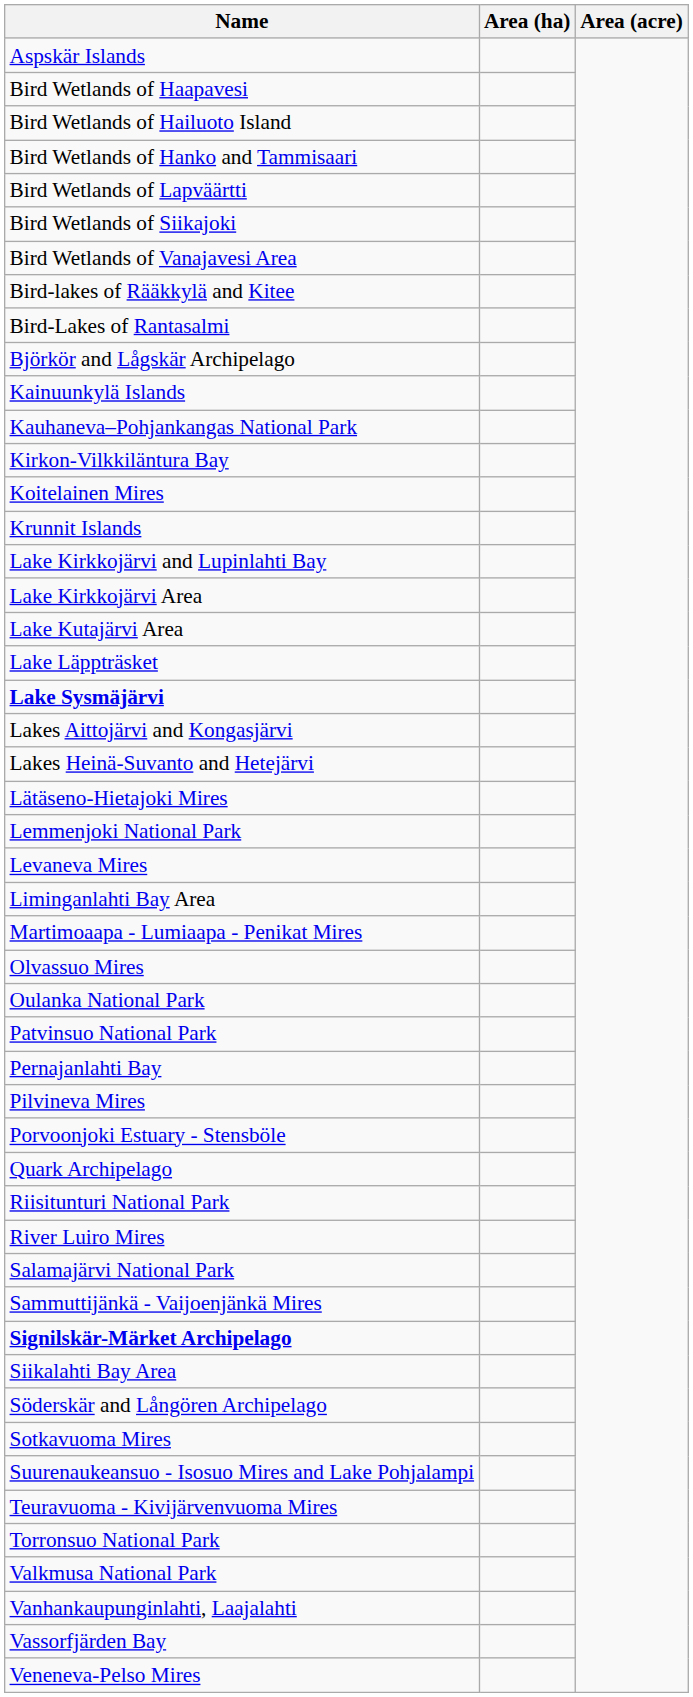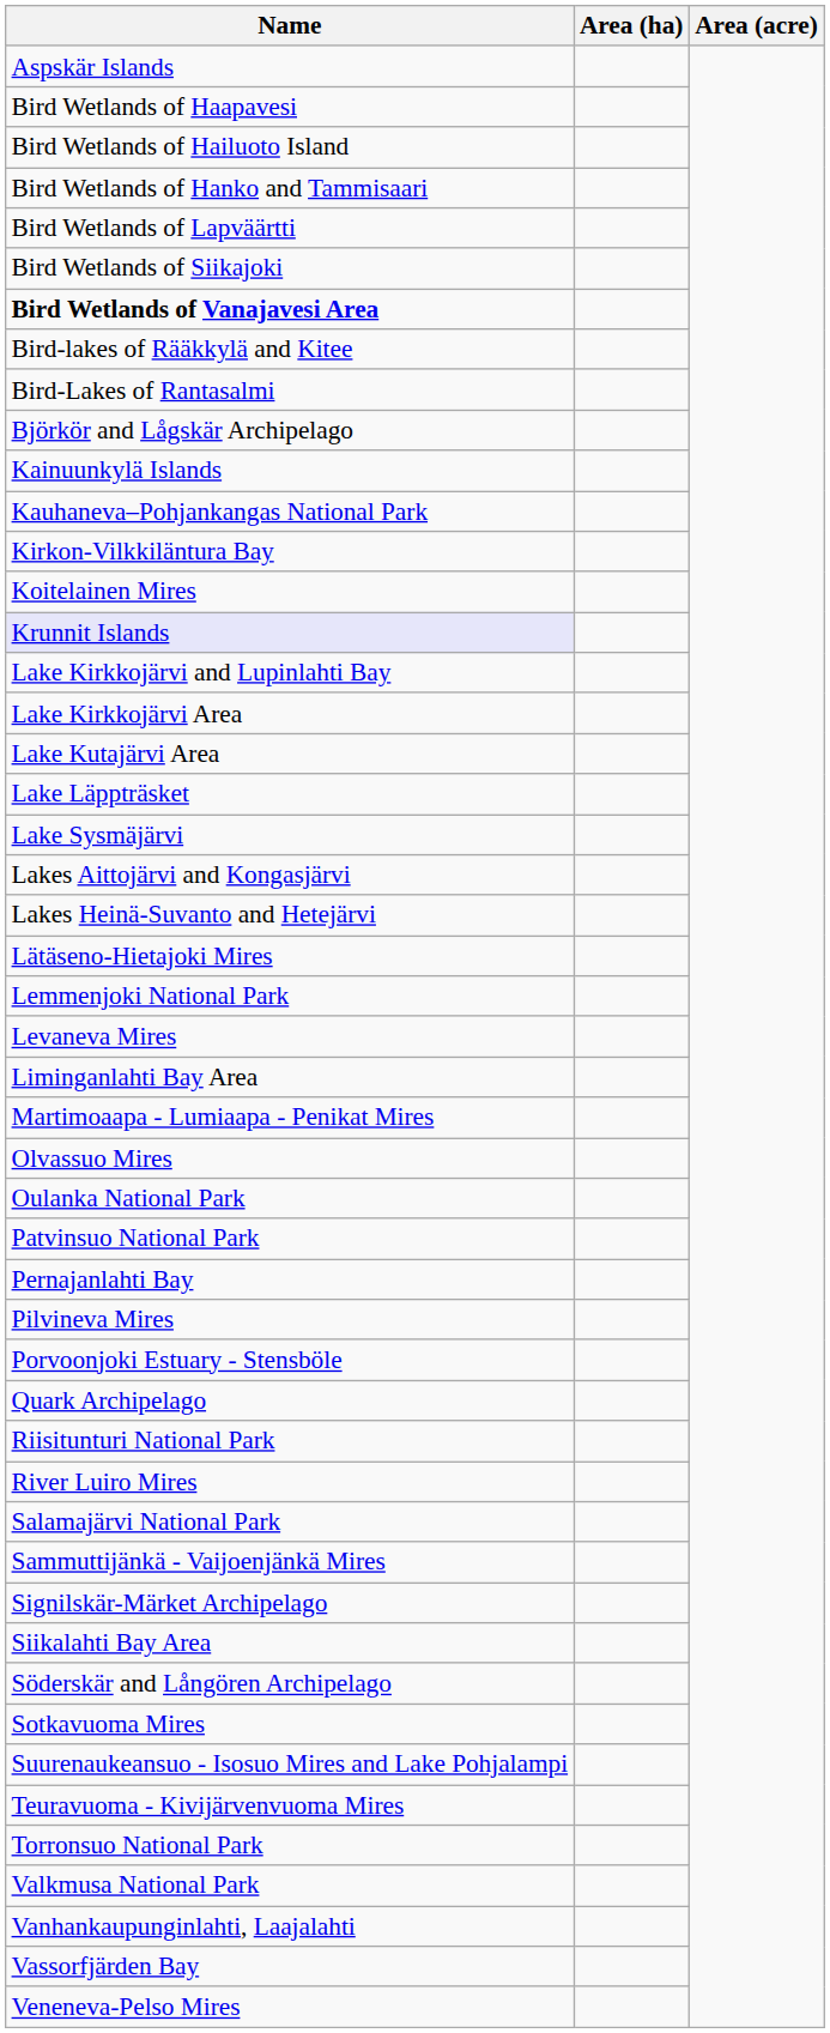 <table class="wikitable">
 <tr>
 <th scope="col" align=left>Name</th>
 <th scope="col">Area (ha)</th>
 <th scope="col">Area (acre)</th>
 </tr>
 <tr ---->
 <td><a href='#'>Aspskär Islands</a></td>
 <td></td>
 </tr>
 <tr ---->
 <td>Bird Wetlands of <a href='#'>Haapavesi</a></td>
 <td></td>
 </tr>
 <tr ---->
 <td>Bird Wetlands of <a href='#'>Hailuoto</a> Island</td>
 <td></td>
 </tr>
 <tr ---->
 <td>Bird Wetlands of <a href='#'>Hanko</a> and <a href='#'>Tammisaari</a></td>
 <td></td>
 </tr>
 <tr ---->
 <td>Bird Wetlands of <a href='#'>Lapväärtti</a></td>
 <td></td>
 </tr>
 <tr ---->
 <td>Bird Wetlands of <a href='#'>Siikajoki</a></td>
 <td></td>
 </tr>
 <tr ---->
-<td>Bird Wetlands of <a href='#'>Vanajavesi Area</a></td>
+<td><strong>Bird Wetlands of <a href='#'>Vanajavesi Area</a></strong></td>
 <td></td>
 </tr>
 <tr ---->
 <td>Bird-lakes of <a href='#'>Rääkkylä</a> and <a href='#'>Kitee</a></td>
 <td></td>
 </tr>
 <tr ---->
 <td>Bird-Lakes of <a href='#'>Rantasalmi</a></td>
 <td></td>
 </tr>
 <tr ---->
 <td><a href='#'>Björkör</a> and <a href='#'>Lågskär</a> Archipelago</td>
 <td></td>
 </tr>
 <tr ---->
 <td><a href='#'>Kainuunkylä Islands</a></td>
 <td></td>
 </tr>
 <tr ---->
 <td><a href='#'>Kauhaneva–Pohjankangas National Park</a></td>
 <td></td>
 </tr>
 <tr ---->
 <td><a href='#'>Kirkon-Vilkkiläntura Bay</a></td>
 <td></td>
 </tr>
 <tr ---->
 <td><a href='#'>Koitelainen Mires</a></td>
 <td></td>
 </tr>
 <tr ---->
-<td><a href='#'>Krunnit Islands</a></td>
+<td style="background: lavender;"><a href='#'>Krunnit Islands</a></td>
 <td></td>
 </tr>
 <tr ---->
 <td><a href='#'>Lake Kirkkojärvi</a> and <a href='#'>Lupinlahti Bay</a></td>
 <td></td>
 </tr>
 <tr ---->
 <td><a href='#'>Lake Kirkkojärvi</a> Area</td>
 <td></td>
 </tr>
 <tr ---->
 <td><a href='#'>Lake Kutajärvi</a> Area</td>
 <td></td>
 </tr>
 <tr ---->
 <td><a href='#'>Lake Läppträsket</a></td>
 <td></td>
 </tr>
 <tr ---->
-<td><strong><a href='#'>Lake Sysmäjärvi</a></strong></td>
+<td><a href='#'>Lake Sysmäjärvi</a></td>
 <td></td>
 </tr>
 <tr ---->
 <td>Lakes <a href='#'>Aittojärvi</a> and <a href='#'>Kongasjärvi</a></td>
 <td></td>
 </tr>
 <tr ---->
 <td>Lakes <a href='#'>Heinä-Suvanto</a> and <a href='#'>Hetejärvi</a></td>
 <td></td>
 </tr>
 <tr ---->
 <td><a href='#'>Lätäseno-Hietajoki Mires</a></td>
 <td></td>
 </tr>
 <tr ---->
 <td><a href='#'>Lemmenjoki National Park</a></td>
 <td></td>
 </tr>
 <tr ---->
 <td><a href='#'>Levaneva Mires</a></td>
 <td></td>
 </tr>
 <tr ---->
 <td><a href='#'>Liminganlahti Bay</a> Area</td>
 <td></td>
 </tr>
 <tr ---->
 <td><a href='#'>Martimoaapa - Lumiaapa - Penikat Mires</a></td>
 <td></td>
 </tr>
 <tr ---->
 <td><a href='#'>Olvassuo Mires</a></td>
 <td></td>
 </tr>
 <tr ---->
 <td><a href='#'>Oulanka National Park</a></td>
 <td></td>
 </tr>
 <tr ---->
 <td><a href='#'>Patvinsuo National Park</a></td>
 <td></td>
 </tr>
 <tr ---->
 <td><a href='#'>Pernajanlahti Bay</a></td>
 <td></td>
 </tr>
 <tr ---->
 <td><a href='#'>Pilvineva Mires</a></td>
 <td></td>
 </tr>
 <tr ---->
 <td><a href='#'>Porvoonjoki Estuary - Stensböle</a></td>
 <td></td>
 </tr>
 <tr ---->
 <td><a href='#'>Quark Archipelago</a></td>
 <td></td>
 </tr>
 <tr ---->
 <td><a href='#'>Riisitunturi National Park</a></td>
 <td></td>
 </tr>
 <tr ---->
 <td><a href='#'>River Luiro Mires</a></td>
 <td></td>
 </tr>
 <tr ---->
 <td><a href='#'>Salamajärvi National Park</a></td>
 <td></td>
 </tr>
 <tr ---->
 <td><a href='#'>Sammuttijänkä - Vaijoenjänkä Mires</a></td>
 <td></td>
 </tr>
 <tr ---->
-<td><strong><a href='#'>Signilskär-Märket Archipelago</a></strong></td>
+<td><a href='#'>Signilskär-Märket Archipelago</a></td>
 <td></td>
 </tr>
 <tr ---->
 <td><a href='#'>Siikalahti Bay Area</a></td>
 <td></td>
 </tr>
 <tr ---->
 <td><a href='#'>Söderskär</a> and <a href='#'>Långören Archipelago</a></td>
 <td></td>
 </tr>
 <tr ---->
 <td><a href='#'>Sotkavuoma Mires</a></td>
 <td></td>
 </tr>
 <tr ---->
 <td><a href='#'>Suurenaukeansuo - Isosuo Mires and Lake Pohjalampi</a></td>
 <td></td>
 </tr>
 <tr ---->
 <td><a href='#'>Teuravuoma - Kivijärvenvuoma Mires</a></td>
 <td></td>
 </tr>
 <tr ---->
 <td><a href='#'>Torronsuo National Park</a></td>
 <td></td>
 </tr>
 <tr ---->
 <td><a href='#'>Valkmusa National Park</a></td>
 <td></td>
 </tr>
 <tr ---->
 <td><a href='#'>Vanhankaupunginlahti</a>, <a href='#'>Laajalahti</a></td>
 <td></td>
 </tr>
 <tr ---->
 <td><a href='#'>Vassorfjärden Bay</a></td>
 <td></td>
 </tr>
 <tr ---->
 <td><a href='#'>Veneneva-Pelso Mires</a></td>
 <td></td>
 </tr>
 </table>
